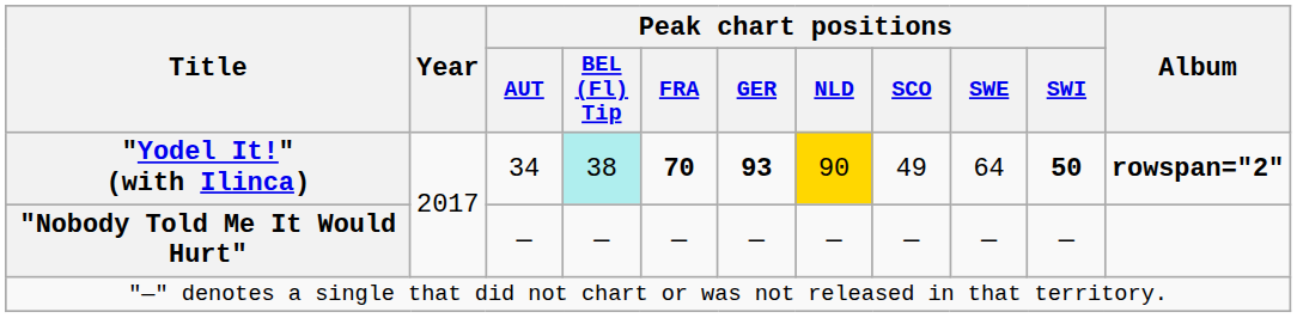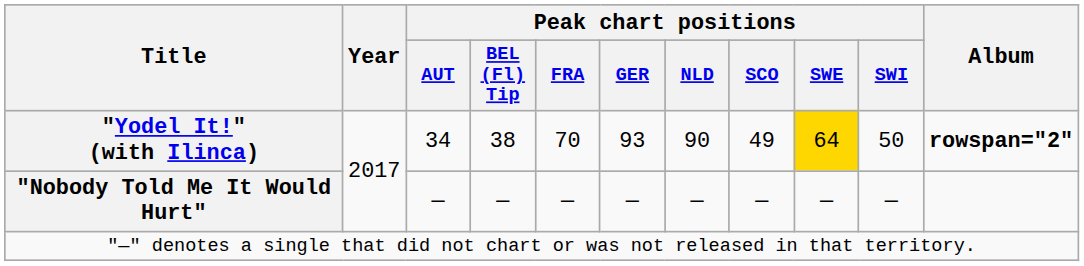 <table class="wikitable plainrowheaders" style="text-align:center;">
 <tr>
 <th scope="col" rowspan="2" style="width:15em;">Title</th>
 <th scope="col" rowspan="2" style="width:1em;">Year</th>
 <th scope="col" colspan="8">Peak chart positions</th>
 <th scope="col" rowspan="2">Album</th>
 </tr>
 <tr>
 <th scope="col" style="width:3em;font-size:85%;"><a href='#'>AUT</a><br></th>
 <th scope="col" style="width:3em;font-size:85%;"><a href='#'>BEL<br>(Fl)<br>Tip</a><br></th>
 <th scope="col" style="width:3em;font-size:85%;"><a href='#'>FRA</a><br></th>
 <th scope="col" style="width:3em;font-size:85%;"><a href='#'>GER</a><br></th>
 <th scope="col" style="width:3em;font-size:85%;"><a href='#'>NLD</a><br></th>
 <th scope="col" style="width:3em;font-size:85%;"><a href='#'>SCO</a><br></th>
 <th scope="col" style="width:3em;font-size:85%;"><a href='#'>SWE</a><br></th>
 <th scope="col" style="width:3em;font-size:85%;"><a href='#'>SWI</a><br></th>
 </tr>
 <tr>
 <th scope="row">"<a href='#'>Yodel It!</a>"<br><span>(with <a href='#'>Ilinca</a>)</span></th>
 <td rowspan="2">2017</td>
 <td>34</td>
-<td style="background: paleturquoise;">38</td>
-<td><strong>70</strong></td>
-<td><strong>93</strong></td>
-<td style="background: gold;">90</td>
+<td>38</td>
+<td>70</td>
+<td>93</td>
+<td>90</td>
 <td>49</td>
-<td>64</td>
-<td><strong>50</strong></td>
+<td style="background: gold;">64</td>
+<td>50</td>
 <td><strong>rowspan="2" </strong></td>
 </tr>
 <tr>
 <th scope="row">"Nobody Told Me It Would Hurt"</th>
 <td>—</td>
 <td>—</td>
 <td>—</td>
 <td>—</td>
 <td>—</td>
 <td>—</td>
 <td>—</td>
 <td>—</td>
 </tr>
 <tr>
 <td colspan="20" style="font-size:85%">"—" denotes a single that did not chart or was not released in that territory.</td>
 </tr>
 </table>
